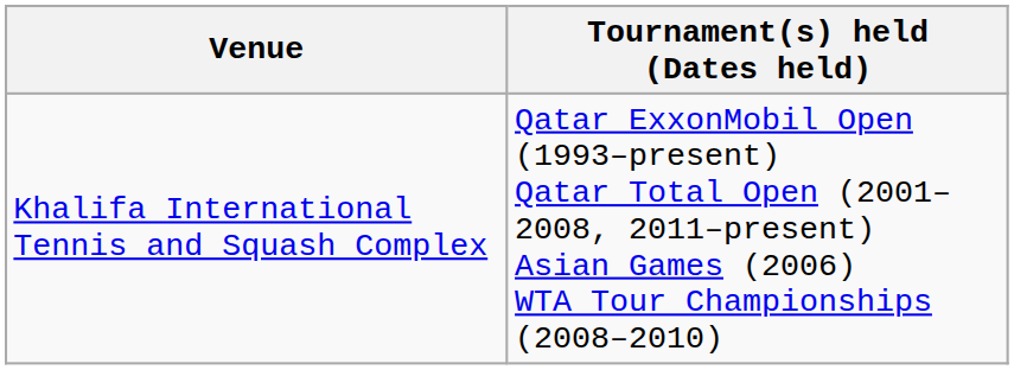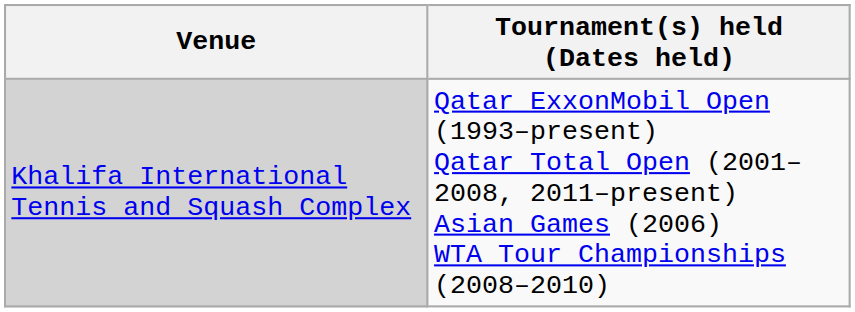 <table class=wikitable>
 <tr>
 <th width=200>Venue</th>
 <th width=200>Tournament(s) held<br>(Dates held)</th>
 </tr>
 <tr>
-<td><a href='#'>Khalifa International Tennis and Squash Complex</a></td>
+<td style="background: lightgrey;"><a href='#'>Khalifa International Tennis and Squash Complex</a></td>
 <td><a href='#'>Qatar ExxonMobil Open</a> (1993–present)<br><a href='#'>Qatar Total Open</a> (2001–2008, 2011–present)<br><a href='#'>Asian Games</a> (2006)<br> <a href='#'>WTA Tour Championships</a> (2008–2010)</td>
 </tr>
 </table>
